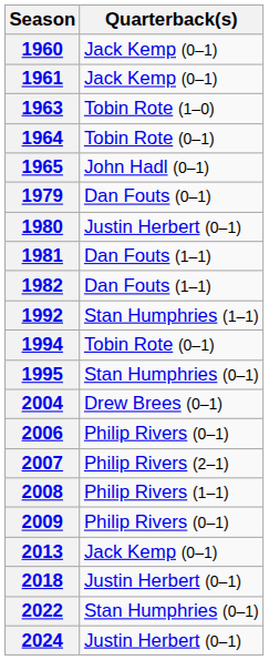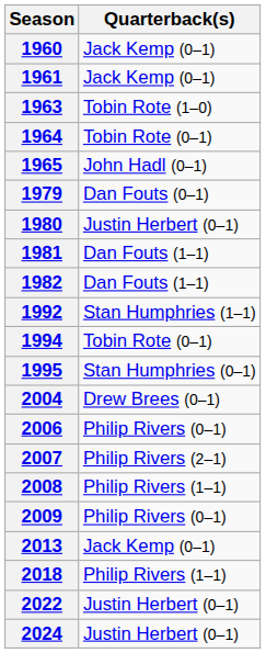 <table class="wikitable plainrowheaders">
 <tr>
 <th scope=col>Season</th>
 <th scope=col>Quarterback(s)</th>
 </tr>
 <tr>
 <th scope="row"><a href='#'>1960</a></th>
 <td><a href='#'>Jack Kemp</a> <small>(0–1)</small></td>
 </tr>
 <tr>
 <th scope="row"><a href='#'>1961</a></th>
 <td><a href='#'>Jack Kemp</a> <small>(0–1)</small></td>
 </tr>
 <tr>
 <th scope="row"><a href='#'>1963</a></th>
 <td><a href='#'>Tobin Rote</a> <small>(1–0)</small></td>
 </tr>
 <tr>
 <th scope="row"><a href='#'>1964</a></th>
 <td><a href='#'>Tobin Rote</a> <small>(0–1)</small></td>
 </tr>
 <tr>
 <th scope="row"><a href='#'>1965</a></th>
 <td><a href='#'>John Hadl</a> <small>(0–1)</small></td>
 </tr>
 <tr>
 <th scope="row"><a href='#'>1979</a></th>
 <td><a href='#'>Dan Fouts</a> <small>(0–1)</small></td>
 </tr>
 <tr>
 <th scope="row"><a href='#'>1980</a></th>
 <td><a href='#'>Justin Herbert</a> <small>(0–1)</small></td>
 </tr>
 <tr>
 <th scope="row"><a href='#'>1981</a></th>
 <td><a href='#'>Dan Fouts</a> <small>(1–1)</small></td>
 </tr>
 <tr>
 <th scope="row"><a href='#'>1982</a></th>
 <td><a href='#'>Dan Fouts</a> <small>(1–1)</small></td>
 </tr>
 <tr>
 <th scope="row"><a href='#'>1992</a></th>
 <td><a href='#'>Stan Humphries</a> <small>(1–1)</small></td>
 </tr>
 <tr>
 <th scope="row"><a href='#'>1994</a></th>
 <td><a href='#'>Tobin Rote</a> <small>(0–1)</small></td>
 </tr>
 <tr>
 <th scope="row"><a href='#'>1995</a></th>
 <td><a href='#'>Stan Humphries</a> <small>(0–1)</small></td>
 </tr>
 <tr>
 <th scope="row"><a href='#'>2004</a></th>
 <td><a href='#'>Drew Brees</a> <small>(0–1)</small></td>
 </tr>
 <tr>
 <th scope="row"><a href='#'>2006</a></th>
 <td><a href='#'>Philip Rivers</a> <small>(0–1)</small></td>
 </tr>
 <tr>
 <th scope="row"><a href='#'>2007</a></th>
 <td><a href='#'>Philip Rivers</a> <small>(2–1)</small></td>
 </tr>
 <tr>
 <th scope="row"><a href='#'>2008</a></th>
 <td><a href='#'>Philip Rivers</a> <small>(1–1)</small></td>
 </tr>
 <tr>
 <th scope="row"><a href='#'>2009</a></th>
 <td><a href='#'>Philip Rivers</a> <small>(0–1)</small></td>
 </tr>
 <tr>
 <th scope="row"><a href='#'>2013</a></th>
 <td><a href='#'>Jack Kemp</a> <small>(0–1)</small></td>
 </tr>
 <tr>
 <th scope="row"><a href='#'>2018</a></th>
-<td><a href='#'>Justin Herbert</a> <small>(0–1)</small></td>
+<td><a href='#'>Philip Rivers</a> <small>(1–1)</small></td>
 </tr>
 <tr>
 <th scope="row"><a href='#'>2022</a></th>
-<td><a href='#'>Stan Humphries</a> <small>(0–1)</small></td>
+<td><a href='#'>Justin Herbert</a> <small>(0–1)</small></td>
 </tr>
 <tr>
 <th scope="row"><a href='#'>2024</a></th>
 <td><a href='#'>Justin Herbert</a> <small>(0–1)</small></td>
 </tr>
 </table>
